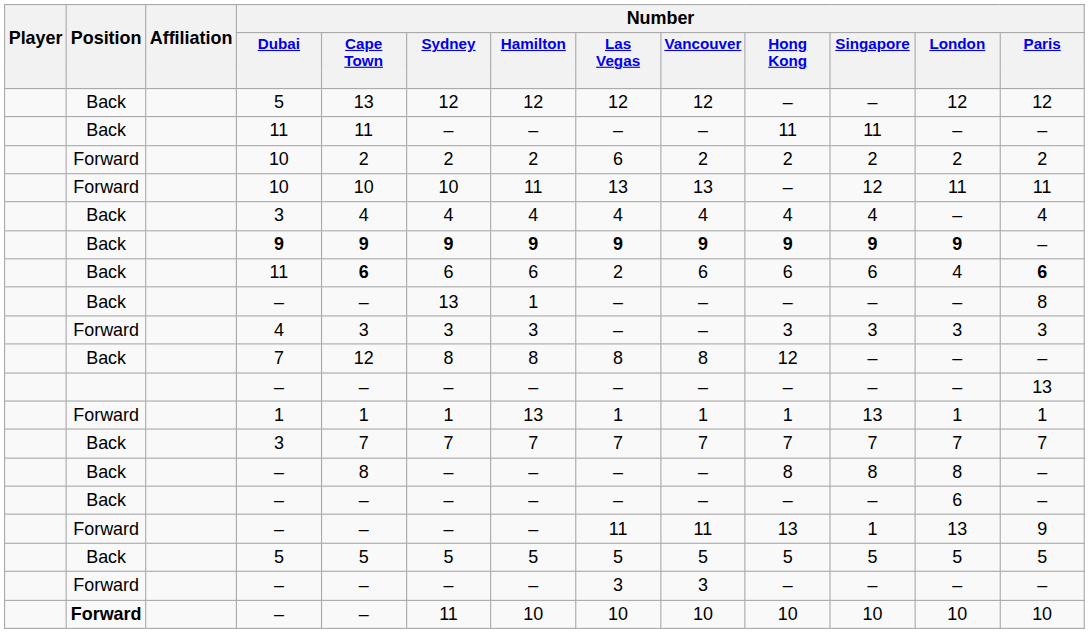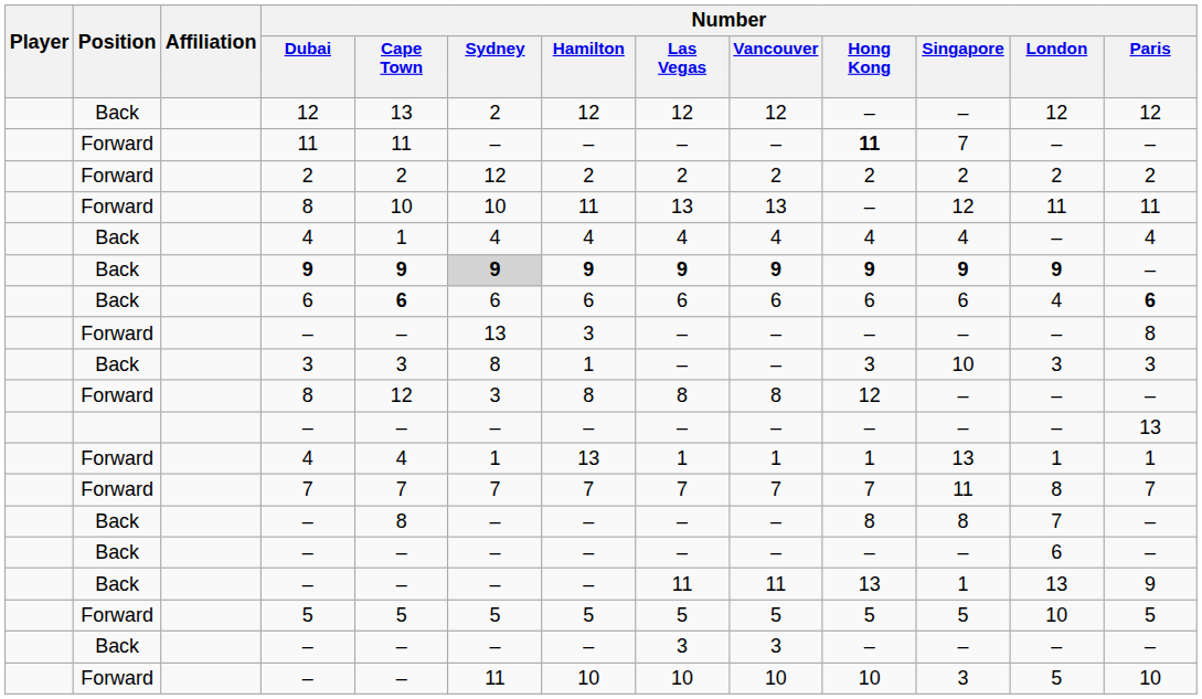 <table class="wikitable sortable" style="text-align:center;">
 <tr>
 <th rowspan=2 style="border-bottom:0px;">Player</th>
 <th rowspan=2 style="border-bottom:0px;">Position</th>
 <th rowspan=2 style="border-bottom:0px;">Affiliation</th>
 <th colspan=10>Number</th>
 </tr>
 <tr>
 <th valign=top style="width:5.2em; border-bottom:0px; padding:2px; font-size:85%;"><a href='#'>Dubai</a></th>
 <th valign=top style="width:5.2em; border-bottom:0px; padding:2px; font-size:85%;"><a href='#'>Cape Town</a></th>
 <th valign=top style="width:5.2em; border-bottom:0px; padding:2px; font-size:85%;"><a href='#'>Sydney</a></th>
 <th valign=top style="width:5.2em; border-bottom:0px; padding:2px; font-size:85%;"><a href='#'>Hamilton</a></th>
 <th valign=top style="width:5.2em; border-bottom:0px; padding:2px; font-size:85%;"><a href='#'>Las<br>Vegas</a></th>
 <th valign=top style="width:5.2em; border-bottom:0px; padding:2px; font-size:85%;"><a href='#'>Vancouver</a></th>
 <th valign=top style="width:5.2em; border-bottom:0px; padding:2px; font-size:85%;"><a href='#'>Hong Kong</a></th>
 <th valign=top style="width:5.2em; border-bottom:0px; padding:2px; font-size:85%;"><a href='#'>Singapore</a></th>
 <th valign=top style="width:5.2em; border-bottom:0px; padding:2px; font-size:85%;"><a href='#'>London</a></th>
 <th valign=top style="width:5.2em; border-bottom:0px; padding:2px; font-size:85%;"><a href='#'>Paris</a></th>
 </tr>
 <tr style="line-height:8px;">
 <th style="border-top:0px;"> </th>
 <th style="border-top:0px;"></th>
 <th style="border-top:0px;"></th>
 <th data-sort-type="number" style="border-top:0px;"></th>
 <th data-sort-type="number" style="border-top:0px;"></th>
 <th data-sort-type="number" style="border-top:0px;"></th>
 <th data-sort-type="number" style="border-top:0px;"></th>
 <th data-sort-type="number" style="border-top:0px;"></th>
 <th data-sort-type="number" style="border-top:0px;"></th>
 <th data-sort-type="number" style="border-top:0px;"></th>
 <th data-sort-type="number" style="border-top:0px;"></th>
 <th data-sort-type="number" style="border-top:0px;"></th>
 <th data-sort-type="number" style="border-top:0px;"></th>
 </tr>
 <tr>
 <td align=left></td>
 <td>Back</td>
 <td></td>
-<td>5</td>
+<td>12</td>
 <td>13</td>
-<td>12</td>
+<td>2</td>
 <td>12</td>
 <td>12</td>
 <td>12</td>
 <td>–</td>
 <td>–</td>
 <td>12</td>
 <td>12</td>
 </tr>
 <tr>
 <td align=left></td>
-<td>Back</td>
+<td>Forward</td>
 <td></td>
 <td>11</td>
 <td>11</td>
 <td>–</td>
 <td>–</td>
 <td>–</td>
 <td>–</td>
-<td>11</td>
-<td>11</td>
+<td><strong>11</strong></td>
+<td>7</td>
 <td>–</td>
 <td>–</td>
 </tr>
 <tr>
 <td align=left></td>
 <td>Forward</td>
 <td></td>
-<td>10</td>
 <td>2</td>
 <td>2</td>
+<td>12</td>
 <td>2</td>
-<td>6</td>
+<td>2</td>
 <td>2</td>
 <td>2</td>
 <td>2</td>
 <td>2</td>
 <td>2</td>
 </tr>
 <tr>
 <td align=left></td>
 <td>Forward</td>
 <td></td>
-<td>10</td>
+<td>8</td>
 <td>10</td>
 <td>10</td>
 <td>11</td>
 <td>13</td>
 <td>13</td>
 <td>–</td>
 <td>12</td>
 <td>11</td>
 <td>11</td>
 </tr>
 <tr>
 <td align=left></td>
 <td>Back</td>
 <td></td>
-<td>3</td>
 <td>4</td>
+<td>1</td>
 <td>4</td>
 <td>4</td>
 <td>4</td>
 <td>4</td>
 <td>4</td>
 <td>4</td>
 <td>–</td>
 <td>4</td>
 </tr>
 <tr>
 <td align=left></td>
 <td>Back</td>
 <td></td>
 <td><strong>9</strong></td>
 <td><strong>9</strong></td>
-<td><strong>9</strong></td>
+<td style="background: lightgrey;"><strong>9</strong></td>
 <td><strong>9</strong></td>
 <td><strong>9</strong></td>
 <td><strong>9</strong></td>
 <td><strong>9</strong></td>
 <td><strong>9</strong></td>
 <td><strong>9</strong></td>
 <td>–</td>
 </tr>
 <tr>
 <td align=left></td>
 <td>Back</td>
 <td></td>
-<td>11</td>
+<td>6</td>
 <td><strong>6</strong></td>
 <td>6</td>
 <td>6</td>
-<td>2</td>
+<td>6</td>
 <td>6</td>
 <td>6</td>
 <td>6</td>
 <td>4</td>
 <td><strong>6</strong></td>
 </tr>
 <tr>
 <td align=left></td>
-<td>Back</td>
+<td>Forward</td>
 <td></td>
 <td>–</td>
 <td>–</td>
 <td>13</td>
-<td>1</td>
+<td>3</td>
 <td>–</td>
 <td>–</td>
 <td>–</td>
 <td>–</td>
 <td>–</td>
 <td>8</td>
 </tr>
 <tr>
 <td align=left></td>
-<td>Forward</td>
+<td>Back</td>
 <td></td>
-<td>4</td>
 <td>3</td>
 <td>3</td>
-<td>3</td>
+<td>8</td>
+<td>1</td>
 <td>–</td>
 <td>–</td>
 <td>3</td>
-<td>3</td>
+<td>10</td>
 <td>3</td>
 <td>3</td>
 </tr>
 <tr>
 <td align=left></td>
-<td>Back</td>
+<td>Forward</td>
 <td></td>
-<td>7</td>
+<td>8</td>
 <td>12</td>
-<td>8</td>
+<td>3</td>
 <td>8</td>
 <td>8</td>
 <td>8</td>
 <td>12</td>
 <td>–</td>
 <td>–</td>
 <td>–</td>
 </tr>
 <tr>
 <td align=left></td>
 <td></td>
 <td></td>
 <td>–</td>
 <td>–</td>
 <td>–</td>
 <td>–</td>
 <td>–</td>
 <td>–</td>
 <td>–</td>
 <td>–</td>
 <td>–</td>
 <td>13</td>
 </tr>
 <tr>
 <td align=left></td>
 <td>Forward</td>
 <td></td>
-<td>1</td>
-<td>1</td>
+<td>4</td>
+<td>4</td>
 <td>1</td>
 <td>13</td>
 <td>1</td>
 <td>1</td>
 <td>1</td>
 <td>13</td>
 <td>1</td>
 <td>1</td>
 </tr>
 <tr>
 <td align=left></td>
-<td>Back</td>
+<td>Forward</td>
 <td></td>
-<td>3</td>
 <td>7</td>
 <td>7</td>
 <td>7</td>
 <td>7</td>
 <td>7</td>
 <td>7</td>
 <td>7</td>
-<td>7</td>
+<td>11</td>
+<td>8</td>
 <td>7</td>
 </tr>
 <tr>
 <td align=left></td>
 <td>Back</td>
 <td></td>
 <td>–</td>
 <td>8</td>
 <td>–</td>
 <td>–</td>
 <td>–</td>
 <td>–</td>
 <td>8</td>
 <td>8</td>
-<td>8</td>
+<td>7</td>
 <td>–</td>
 </tr>
 <tr>
 <td align=left></td>
 <td>Back</td>
 <td></td>
 <td>–</td>
 <td>–</td>
 <td>–</td>
 <td>–</td>
 <td>–</td>
 <td>–</td>
 <td>–</td>
 <td>–</td>
 <td>6</td>
 <td>–</td>
 </tr>
 <tr>
 <td align=left></td>
-<td>Forward</td>
+<td>Back</td>
 <td></td>
 <td>–</td>
 <td>–</td>
 <td>–</td>
 <td>–</td>
 <td>11</td>
 <td>11</td>
 <td>13</td>
 <td>1</td>
 <td>13</td>
 <td>9</td>
 </tr>
 <tr>
 <td align=left></td>
-<td>Back</td>
+<td>Forward</td>
 <td></td>
 <td>5</td>
 <td>5</td>
 <td>5</td>
 <td>5</td>
 <td>5</td>
 <td>5</td>
 <td>5</td>
 <td>5</td>
-<td>5</td>
+<td>10</td>
 <td>5</td>
 </tr>
 <tr>
 <td align=left></td>
-<td>Forward</td>
+<td>Back</td>
 <td></td>
 <td>–</td>
 <td>–</td>
 <td>–</td>
 <td>–</td>
 <td>3</td>
 <td>3</td>
 <td>–</td>
 <td>–</td>
 <td>–</td>
 <td>–</td>
 </tr>
 <tr>
 <td align=left></td>
-<td><strong>Forward</strong></td>
+<td>Forward</td>
 <td></td>
 <td>–</td>
 <td>–</td>
 <td>11</td>
 <td>10</td>
 <td>10</td>
 <td>10</td>
 <td>10</td>
-<td>10</td>
-<td>10</td>
+<td>3</td>
+<td>5</td>
 <td>10</td>
 </tr>
 </table>
